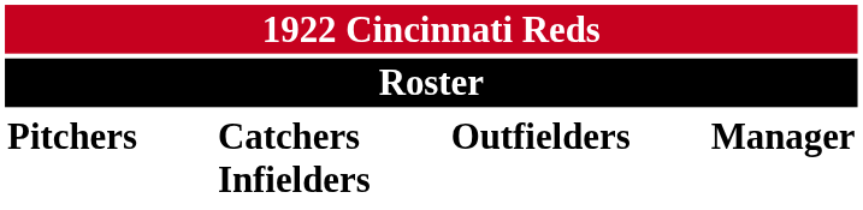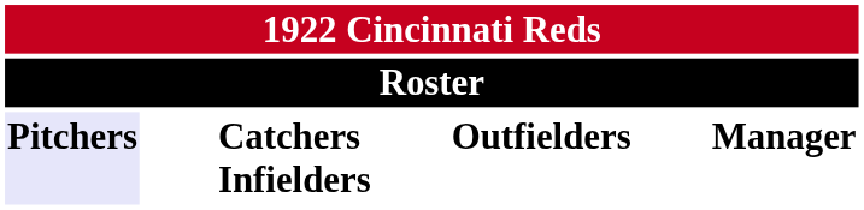 <table class="toccolours" style="font-size: 95%;">
 <tr>
 <th colspan="10" style="background-color: #c6011f; color: white; text-align: center;">1922 Cincinnati Reds</th>
 </tr>
 <tr>
 <td colspan="10" style="background-color: black; color: white; text-align: center;"><strong>Roster</strong></td>
 </tr>
 <tr>
-<td valign="top"><strong>Pitchers</strong><br>        </td>
+<td valign="top" style="background: lavender;"><strong>Pitchers</strong><br>        </td>
 <td width="25px"></td>
 <td valign="top"><strong>Catchers</strong><br>   <strong>Infielders</strong>       </td>
 <td width="25px"></td>
 <td valign="top"><strong>Outfielders</strong><br>    </td>
 <td width="25px"></td>
 <td valign="top"><strong>Manager</strong><br></td>
 </tr>
 </table>
